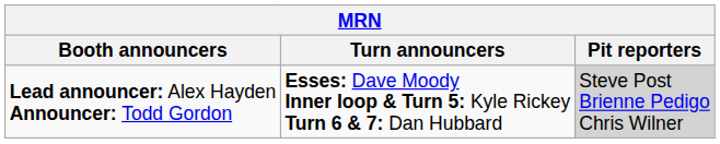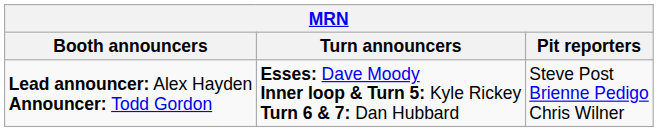 <table class="wikitable" style="font-size: 95%;">
 <tr>
 <th colspan="3"><a href='#'>MRN</a></th>
 </tr>
 <tr>
 <th>Booth announcers</th>
 <th>Turn announcers</th>
 <th>Pit reporters</th>
 </tr>
 <tr>
 <td><strong>Lead announcer:</strong> Alex Hayden<br><strong>Announcer:</strong> <a href='#'>Todd Gordon</a></td>
 <td><strong>Esses:</strong> <a href='#'>Dave Moody</a> <br><strong>Inner loop & Turn 5:</strong> Kyle Rickey<br><strong>Turn 6 & 7:</strong> Dan Hubbard</td>
-<td style="background: lightgrey;">Steve Post<br><a href='#'>Brienne Pedigo</a><br>Chris Wilner</td>
+<td>Steve Post<br><a href='#'>Brienne Pedigo</a><br>Chris Wilner</td>
 </tr>
 </table>
